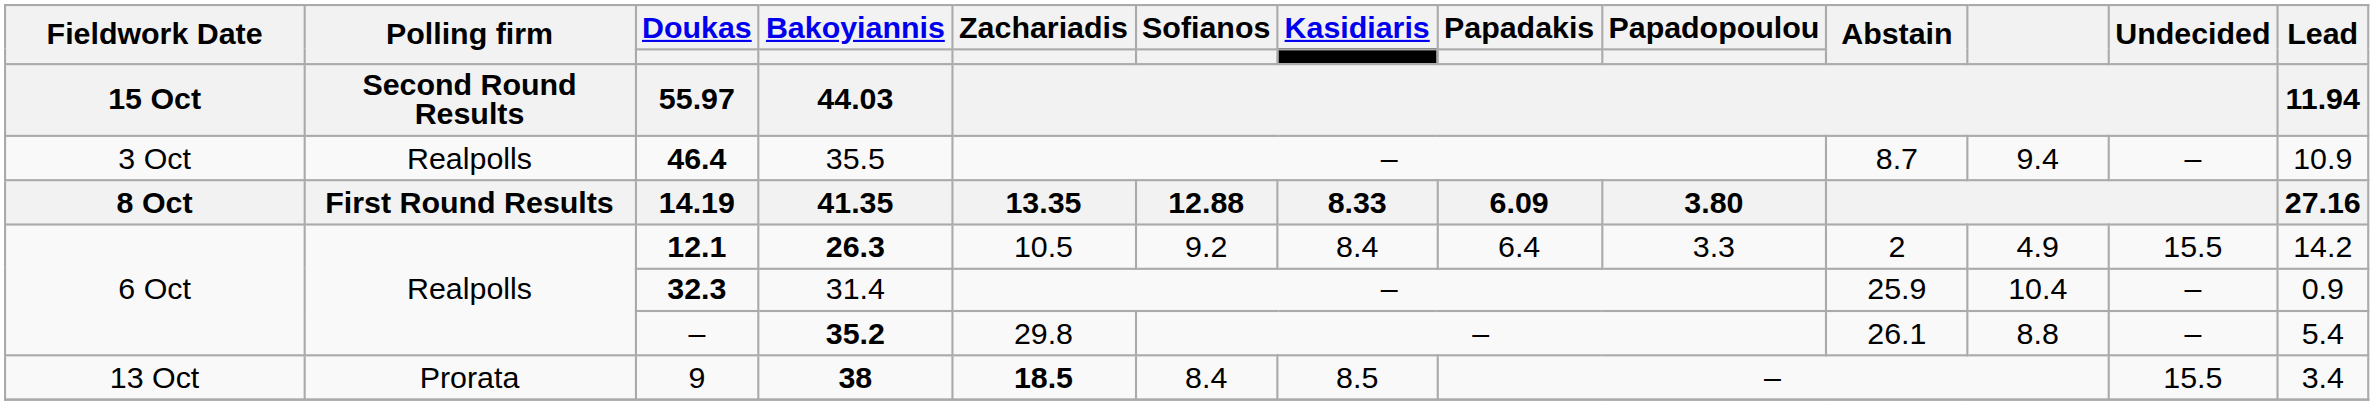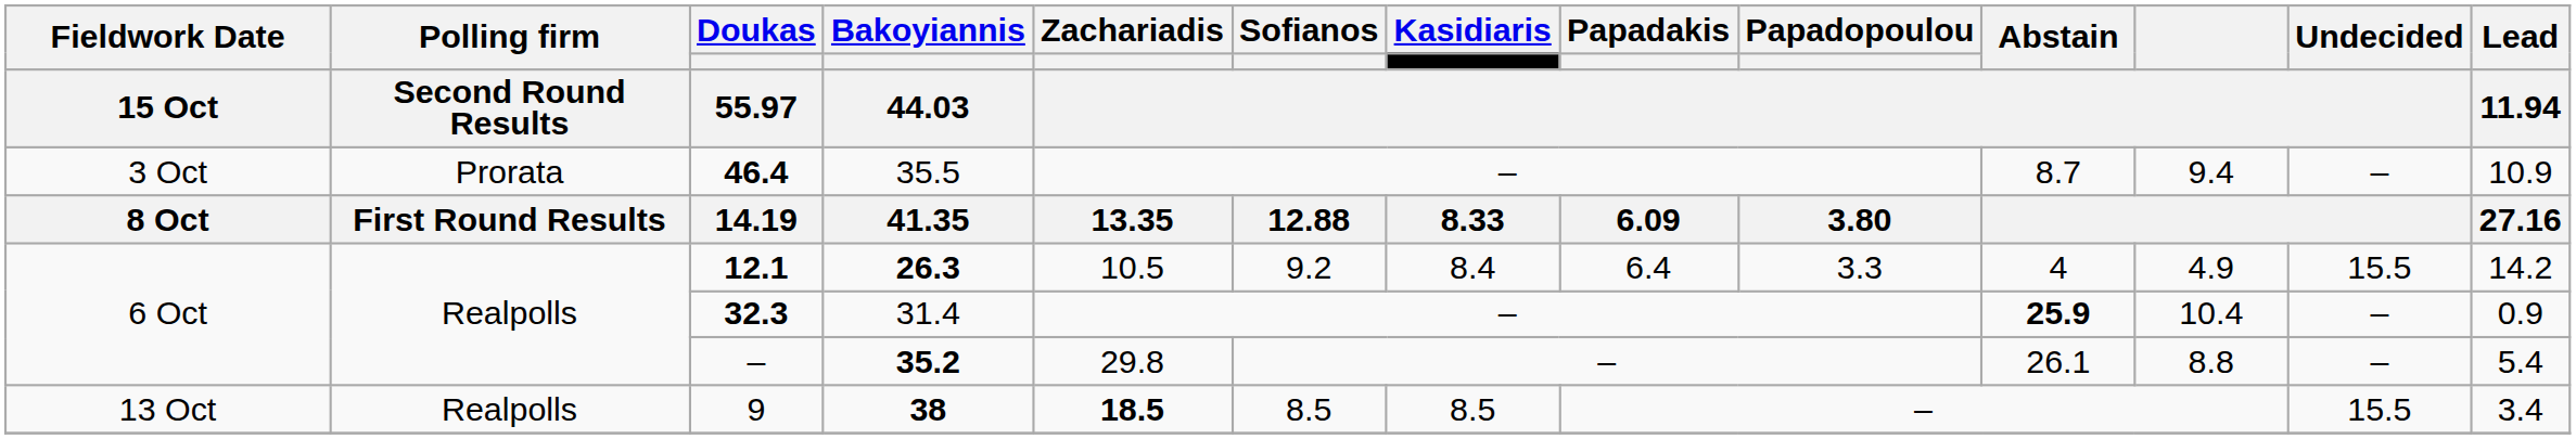 <table class="wikitable collapsible" style="text-align:center; font-size:90%; line-height:14px;">
 <tr>
 <th style="width:135px;" rowspan="2">Fieldwork Date</th>
 <th style="width:150px;" rowspan="2">Polling firm</th>
 <th><a href='#'>Doukas</a></th>
 <th><a href='#'>Bakoyiannis</a></th>
 <th>Zachariadis</th>
 <th>Sofianos</th>
 <th><a href='#'>Kasidiaris</a></th>
 <th>Papadakis</th>
 <th>Papadopoulou</th>
 <th style="width:60px;" rowspan="2">Abstain</th>
 <th style="width:60px;" rowspan="2"></th>
 <th style="width:60px;" rowspan="2">Undecided</th>
 <th style="width:30px;" rowspan="2">Lead</th>
 </tr>
 <tr>
 <th style="color:inherit;background:"></th>
 <th style="color:inherit;background:"></th>
 <th style="color:inherit;background:"></th>
 <th style="color:inherit;background:"></th>
 <th style="color:inherit;background:black;"></th>
 <th style="color:inherit;background:"></th>
 <th style="color:inherit;background:"></th>
 </tr>
 <tr>
 <th>15 Oct</th>
 <th>Second Round Results</th>
 <th>55.97</th>
 <th>44.03</th>
 <th colspan=8></th>
 <th style="color:inherit;background:">11.94</th>
 </tr>
 <tr>
 <td>3 Oct</td>
-<td>Realpolls</td>
+<td>Prorata</td>
 <td><strong>46.4</strong></td>
 <td>35.5</td>
 <td colspan=5>–</td>
 <td>8.7</td>
 <td>9.4</td>
 <td>–</td>
 <td style="color:inherit;background:">10.9</td>
 </tr>
 <tr>
 <th>8 Oct</th>
 <th>First Round Results</th>
 <th>14.19</th>
 <th>41.35</th>
 <th>13.35</th>
 <th>12.88</th>
 <th>8.33</th>
 <th>6.09</th>
 <th>3.80</th>
 <th colspan=3></th>
 <th style="color:inherit;background:">27.16</th>
 </tr>
 <tr>
 <td rowspan=3>6 Oct</td>
 <td rowspan=3>Realpolls</td>
 <td><strong>12.1</strong></td>
 <td><strong>26.3</strong></td>
 <td>10.5</td>
 <td>9.2</td>
 <td>8.4</td>
 <td>6.4</td>
 <td>3.3</td>
-<td>2</td>
+<td>4</td>
 <td>4.9</td>
 <td>15.5</td>
 <td style="color:inherit;background:">14.2</td>
 </tr>
 <tr>
 <td><strong>32.3</strong></td>
 <td>31.4</td>
 <td colspan=5>–</td>
-<td>25.9</td>
+<td><strong>25.9</strong></td>
 <td>10.4</td>
 <td>–</td>
 <td style="color:inherit;background:">0.9</td>
 </tr>
 <tr>
 <td>–</td>
 <td><strong>35.2</strong></td>
 <td>29.8</td>
 <td colspan=4>–</td>
 <td>26.1</td>
 <td>8.8</td>
 <td>–</td>
 <td style="color:inherit;background:">5.4</td>
 </tr>
 <tr>
 <td>13 Oct</td>
-<td>Prorata</td>
+<td>Realpolls</td>
 <td>9</td>
 <td><strong>38</strong></td>
 <td><strong>18.5</strong></td>
-<td>8.4</td>
+<td>8.5</td>
 <td>8.5</td>
 <td colspan=4>–</td>
 <td>15.5</td>
 <td style="color:inherit;background:">3.4</td>
 </tr>
 <tr>
 </tr>
 </table>
